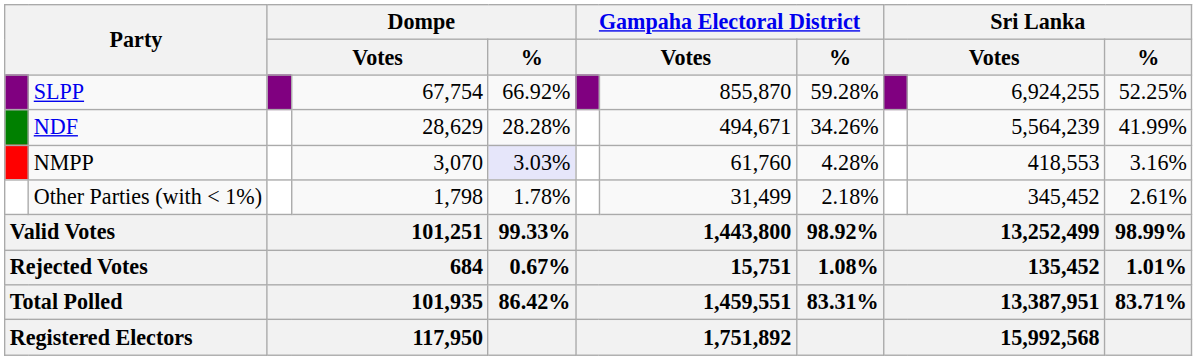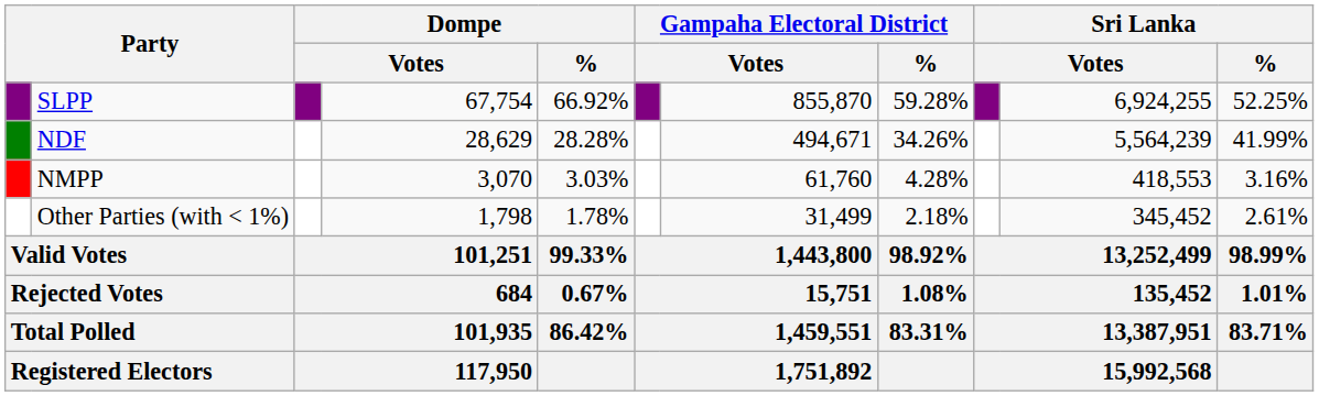 <table class="wikitable">
 <tr>
 <th colspan="2" width="144px"rowspan="2">Party</th>
 <th colspan="3" width="216px">Dompe</th>
 <th colspan="3" width="216px"><a href='#'>Gampaha Electoral District</a></th>
 <th colspan="3" width="216px">Sri Lanka</th>
 </tr>
 <tr>
 <th colspan="2" width="144px">Votes</th>
 <th>%</th>
 <th colspan="2" width="144px">Votes</th>
 <th>%</th>
 <th colspan="2" width="144px">Votes</th>
 <th>%</th>
 </tr>
 <tr>
 <td style="background-color:purple;" width="10px"></td>
 <td style="text-align:left;"><a href='#'>SLPP</a></td>
 <td style="background-color:purple;" width="10px"></td>
 <td style="text-align:right;">67,754</td>
 <td style="text-align:right;">66.92%</td>
 <td style="background-color:purple;" width="10px"></td>
 <td style="text-align:right;">855,870</td>
 <td style="text-align:right;">59.28%</td>
 <td style="background-color:purple;" width="10px"></td>
 <td style="text-align:right;">6,924,255</td>
 <td style="text-align:right;">52.25%</td>
 </tr>
 <tr>
 <td style="background-color:green;" width="10px"></td>
 <td style="text-align:left;"><a href='#'>NDF</a></td>
 <td style="background-color:white;" width="10px"></td>
 <td style="text-align:right;">28,629</td>
 <td style="text-align:right;">28.28%</td>
 <td style="background-color:white;" width="10px"></td>
 <td style="text-align:right;">494,671</td>
 <td style="text-align:right;">34.26%</td>
 <td style="background-color:white;" width="10px"></td>
 <td style="text-align:right;">5,564,239</td>
 <td style="text-align:right;">41.99%</td>
 </tr>
 <tr>
 <td style="background-color:red;" width="10px"></td>
 <td style="text-align:left;">NMPP</td>
 <td style="background-color:white;" width="10px"></td>
 <td style="text-align:right;">3,070</td>
-<td style="background: lavender; text-align:right;">3.03%</td>
+<td style="text-align:right;">3.03%</td>
 <td style="background-color:white;" width="10px"></td>
 <td style="text-align:right;">61,760</td>
 <td style="text-align:right;">4.28%</td>
 <td style="background-color:white;" width="10px"></td>
 <td style="text-align:right;">418,553</td>
 <td style="text-align:right;">3.16%</td>
 </tr>
 <tr>
 <td style="background-color:white;" width="10px"></td>
 <td style="text-align:left;">Other Parties (with < 1%)</td>
 <td style="background-color:white;" width="10px"></td>
 <td style="text-align:right;">1,798</td>
 <td style="text-align:right;">1.78%</td>
 <td style="background-color:white;" width="10px"></td>
 <td style="text-align:right;">31,499</td>
 <td style="text-align:right;">2.18%</td>
 <td style="background-color:white;" width="10px"></td>
 <td style="text-align:right;">345,452</td>
 <td style="text-align:right;">2.61%</td>
 </tr>
 <tr>
 <th colspan="2" width="144px"style="text-align:left;">Valid Votes</th>
 <th style="text-align:right;"colspan="2" width="144px">101,251</th>
 <th style="text-align:right;">99.33%</th>
 <th style="text-align:right;"colspan="2" width="144px">1,443,800</th>
 <th style="text-align:right;">98.92%</th>
 <th style="text-align:right;"colspan="2" width="144px">13,252,499</th>
 <th style="text-align:right;">98.99%</th>
 </tr>
 <tr>
 <th colspan="2" width="144px"style="text-align:left;">Rejected Votes</th>
 <th style="text-align:right;"colspan="2" width="144px">684</th>
 <th style="text-align:right;">0.67%</th>
 <th style="text-align:right;"colspan="2" width="144px">15,751</th>
 <th style="text-align:right;">1.08%</th>
 <th style="text-align:right;"colspan="2" width="144px">135,452</th>
 <th style="text-align:right;">1.01%</th>
 </tr>
 <tr>
 <th colspan="2" width="144px"style="text-align:left;">Total Polled</th>
 <th style="text-align:right;"colspan="2" width="144px">101,935</th>
 <th style="text-align:right;">86.42%</th>
 <th style="text-align:right;"colspan="2" width="144px">1,459,551</th>
 <th style="text-align:right;">83.31%</th>
 <th style="text-align:right;"colspan="2" width="144px">13,387,951</th>
 <th style="text-align:right;">83.71%</th>
 </tr>
 <tr>
 <th colspan="2" width="144px"style="text-align:left;">Registered Electors</th>
 <th style="text-align:right;"colspan="2" width="144px">117,950</th>
 <th></th>
 <th style="text-align:right;"colspan="2" width="144px">1,751,892</th>
 <th></th>
 <th style="text-align:right;"colspan="2" width="144px">15,992,568</th>
 <th></th>
 </tr>
 </table>
